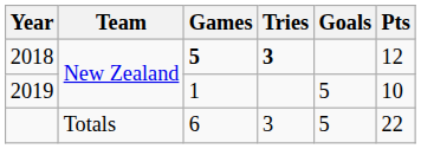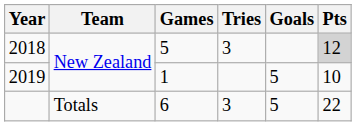 <table class="wikitable">
 <tr>
 <th>Year</th>
 <th>Team</th>
 <th>Games</th>
 <th>Tries</th>
 <th>Goals</th>
 <th>Pts</th>
 </tr>
 <tr>
 <td>2018</td>
 <td rowspan="2"> <a href='#'>New Zealand</a></td>
-<td><strong>5</strong></td>
-<td><strong>3</strong></td>
+<td>5</td>
+<td>3</td>
 <td></td>
-<td>12</td>
+<td style="background: lightgrey;">12</td>
 </tr>
 <tr>
 <td>2019</td>
 <td>1</td>
 <td></td>
 <td>5</td>
 <td>10</td>
 </tr>
 <tr>
 <td></td>
 <td>Totals</td>
 <td>6</td>
 <td>3</td>
 <td>5</td>
 <td>22</td>
 </tr>
 </table>
